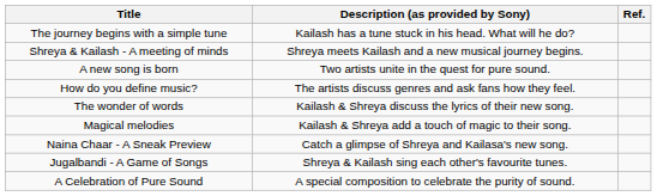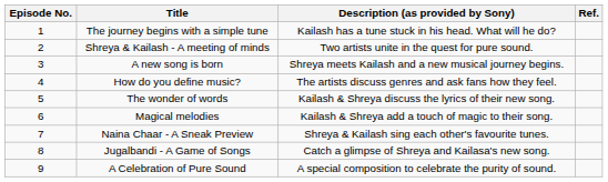 <table class="wikitable" width="100%" style="text-align:center; textcolor:#000;">
 <tr>
+<th><strong>Episode No.</strong></th>
 <th><strong>Title</strong></th>
 <th><strong>Description (as provided by Sony)</strong></th>
 <th><strong>Ref.</strong></th>
 </tr>
 <tr>
+<td>1</td>
 <td>The journey begins with a simple tune</td>
 <td>Kailash has a tune stuck in his head. What will he do?</td>
 <td></td>
 </tr>
 <tr>
+<td>2</td>
 <td>Shreya & Kailash - A meeting of minds</td>
+<td>Two artists unite in the quest for pure sound.</td>
+<td></td>
+</tr>
+<tr>
+<td>3</td>
+<td>A new song is born</td>
 <td>Shreya meets Kailash and a new musical journey begins.</td>
 <td></td>
 </tr>
 <tr>
-<td>A new song is born</td>
-<td>Two artists unite in the quest for pure sound.</td>
-<td></td>
-</tr>
-<tr>
+<td>4</td>
 <td>How do you define music?</td>
 <td>The artists discuss genres and ask fans how they feel.</td>
 <td></td>
 </tr>
 <tr>
+<td>5</td>
 <td>The wonder of words</td>
 <td>Kailash & Shreya discuss the lyrics of their new song.</td>
 <td></td>
 </tr>
 <tr>
+<td>6</td>
 <td>Magical melodies</td>
 <td>Kailash & Shreya add a touch of magic to their song.</td>
 <td></td>
 </tr>
 <tr>
+<td>7</td>
 <td>Naina Chaar - A Sneak Preview</td>
+<td>Shreya & Kailash sing each other's favourite tunes.</td>
+<td></td>
+</tr>
+<tr>
+<td>8</td>
+<td>Jugalbandi - A Game of Songs</td>
 <td>Catch a glimpse of Shreya and Kailasa's new song.</td>
 <td></td>
 </tr>
 <tr>
-<td>Jugalbandi - A Game of Songs</td>
-<td>Shreya & Kailash sing each other's favourite tunes.</td>
-<td></td>
-</tr>
-<tr>
+<td>9</td>
 <td>A Celebration of Pure Sound</td>
 <td>A special composition to celebrate the purity of sound.</td>
 <td></td>
 </tr>
 </table>
